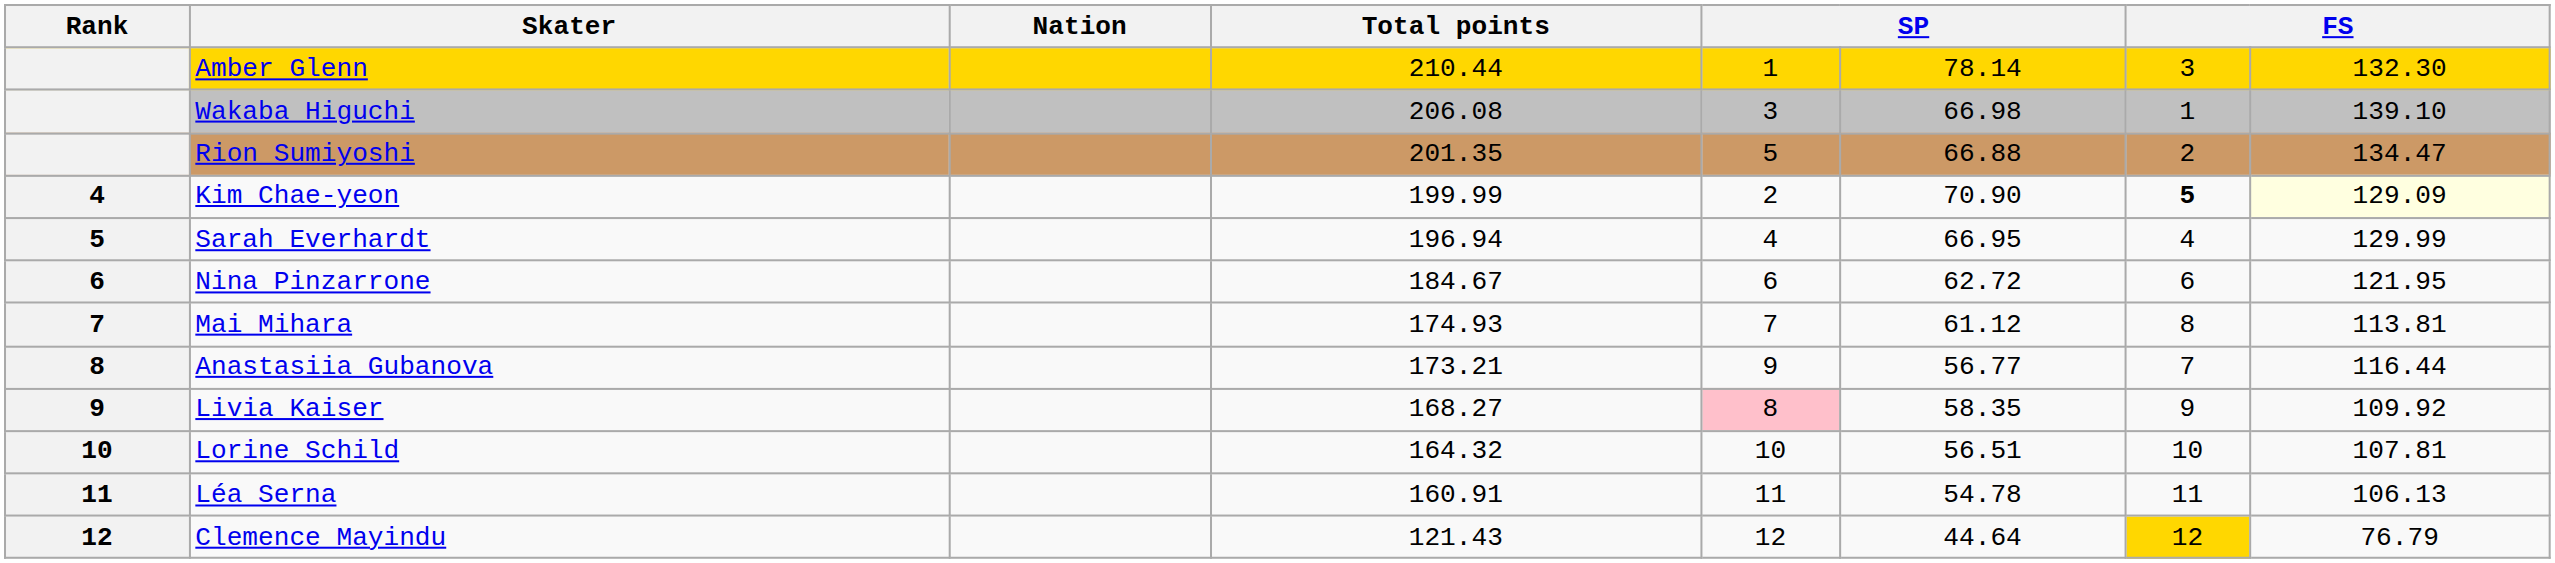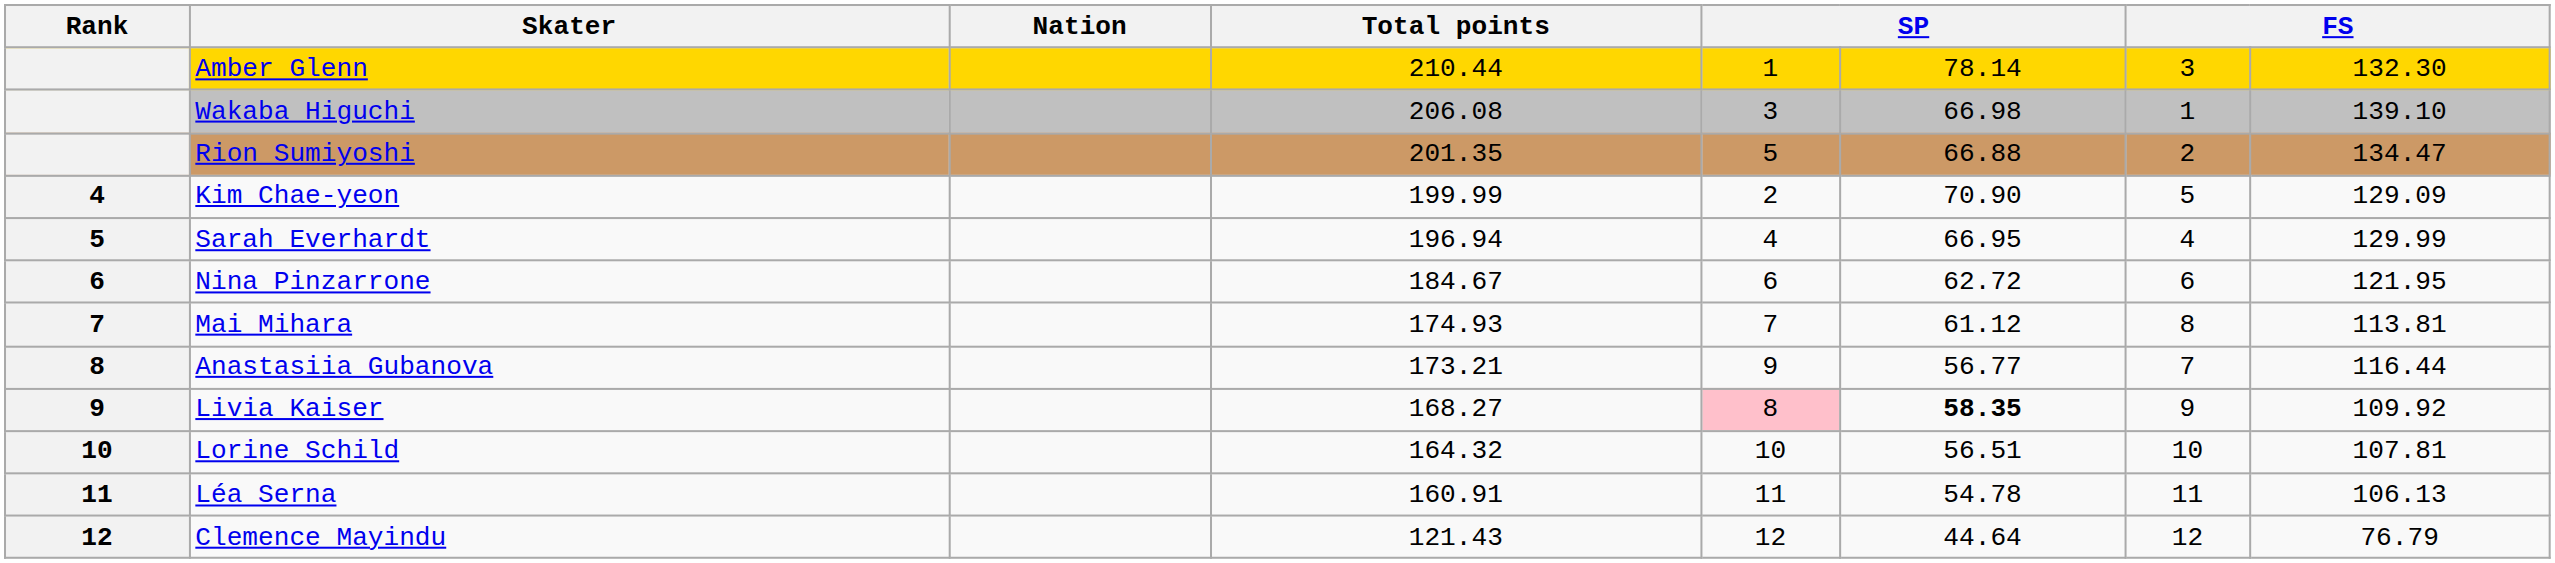 <table class="wikitable sortable" style="text-align:center;" width="80%">
 <tr>
 <th scope="col">Rank</th>
 <th scope="col">Skater</th>
 <th scope="col">Nation</th>
 <th scope="col">Total points</th>
 <th scope="col" colspan="2" width="80px"><a href='#'>SP</a></th>
 <th scope="col" colspan="2" width="80px"><a href='#'>FS</a></th>
 </tr>
 <tr bgcolor="gold">
 <th scope="row"></th>
 <td align="left"><a href='#'>Amber Glenn</a></td>
 <td align="left"></td>
 <td>210.44</td>
 <td>1</td>
 <td>78.14</td>
 <td>3</td>
 <td>132.30</td>
 </tr>
 <tr bgcolor="silver">
 <th scope="row"></th>
 <td align="left"><a href='#'>Wakaba Higuchi</a></td>
 <td align="left"></td>
 <td>206.08</td>
 <td>3</td>
 <td>66.98</td>
 <td>1</td>
 <td>139.10</td>
 </tr>
 <tr bgcolor="cc9966">
 <th scope="row"></th>
 <td align="left"><a href='#'>Rion Sumiyoshi</a></td>
 <td align="left"></td>
 <td>201.35</td>
 <td>5</td>
 <td>66.88</td>
 <td>2</td>
 <td>134.47</td>
 </tr>
 <tr>
 <th scope="row">4</th>
 <td align="left"><a href='#'>Kim Chae-yeon</a></td>
 <td align="left"></td>
 <td>199.99</td>
 <td>2</td>
 <td>70.90</td>
-<td><strong>5</strong></td>
-<td style="background: lightyellow;">129.09</td>
+<td>5</td>
+<td>129.09</td>
 </tr>
 <tr>
 <th scope="row">5</th>
 <td align="left"><a href='#'>Sarah Everhardt</a></td>
 <td align="left"></td>
 <td>196.94</td>
 <td>4</td>
 <td>66.95</td>
 <td>4</td>
 <td>129.99</td>
 </tr>
 <tr>
 <th scope="row">6</th>
 <td align="left"><a href='#'>Nina Pinzarrone</a></td>
 <td align="left"></td>
 <td>184.67</td>
 <td>6</td>
 <td>62.72</td>
 <td>6</td>
 <td>121.95</td>
 </tr>
 <tr>
 <th scope="row">7</th>
 <td align="left"><a href='#'>Mai Mihara</a></td>
 <td align="left"></td>
 <td>174.93</td>
 <td>7</td>
 <td>61.12</td>
 <td>8</td>
 <td>113.81</td>
 </tr>
 <tr>
 <th scope="row">8</th>
 <td align="left"><a href='#'>Anastasiia Gubanova</a></td>
 <td align="left"></td>
 <td>173.21</td>
 <td>9</td>
 <td>56.77</td>
 <td>7</td>
 <td>116.44</td>
 </tr>
 <tr>
 <th scope="row">9</th>
 <td align="left"><a href='#'>Livia Kaiser</a></td>
 <td align="left"></td>
 <td>168.27</td>
 <td style="background: pink;">8</td>
-<td>58.35</td>
+<td><strong>58.35</strong></td>
 <td>9</td>
 <td>109.92</td>
 </tr>
 <tr>
 <th scope="row">10</th>
 <td align="left"><a href='#'>Lorine Schild</a></td>
 <td align="left"></td>
 <td>164.32</td>
 <td>10</td>
 <td>56.51</td>
 <td>10</td>
 <td>107.81</td>
 </tr>
 <tr>
 <th scope="row">11</th>
 <td align="left"><a href='#'>Léa Serna</a></td>
 <td align="left"></td>
 <td>160.91</td>
 <td>11</td>
 <td>54.78</td>
 <td>11</td>
 <td>106.13</td>
 </tr>
 <tr>
 <th scope="row">12</th>
 <td align="left"><a href='#'>Clemence Mayindu</a></td>
 <td align="left"></td>
 <td>121.43</td>
 <td>12</td>
 <td>44.64</td>
-<td style="background: gold;">12</td>
+<td>12</td>
 <td>76.79</td>
 </tr>
 </table>
